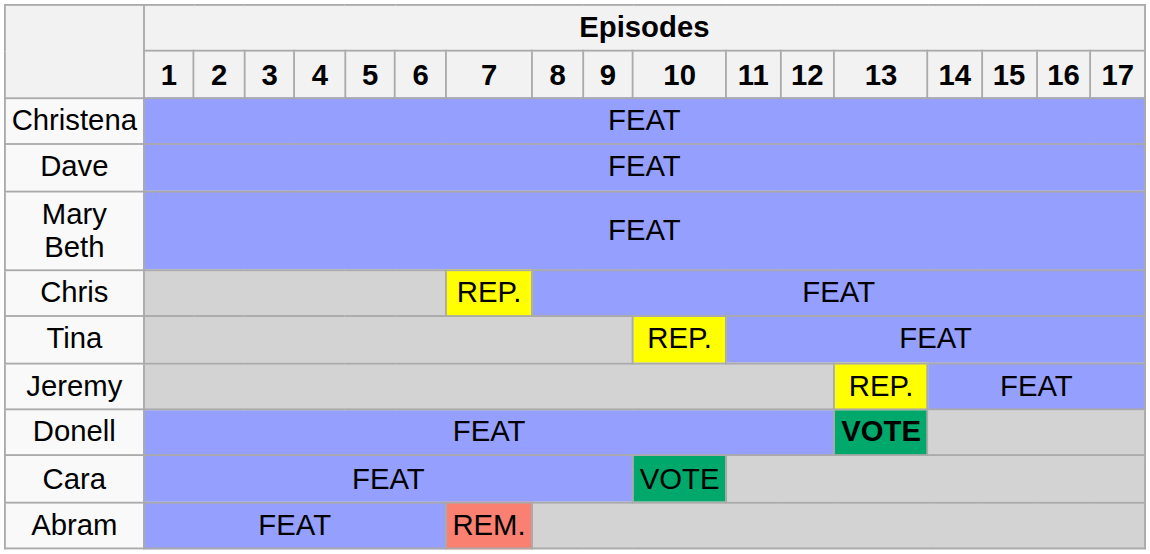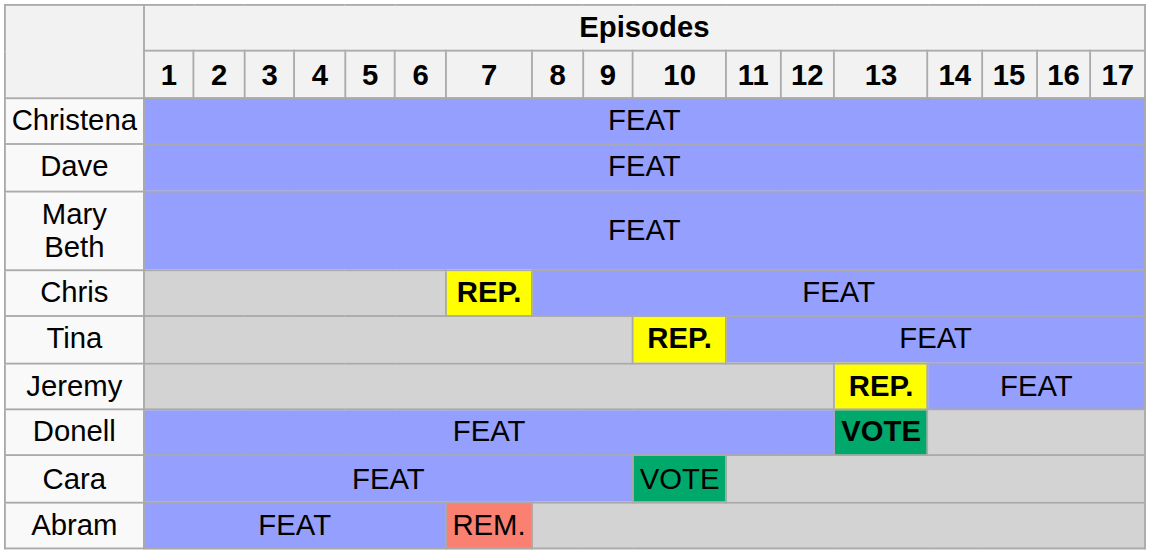 <table class="wikitable plainrowheaders" style="text-align:center; width:100%;">
 <tr>
 <th scope="col" rowspan="2" style="width:5%;"></th>
 <th scope="col" colspan="17">Episodes</th>
 </tr>
 <tr>
 <th scope="col" style="width:5%;">1</th>
 <th scope="col" style="width:5%;">2</th>
 <th scope="col" style="width:5%;">3</th>
 <th scope="col" style="width:5%;">4</th>
 <th scope="col" style="width:5%;">5</th>
 <th scope="col" style="width:5%;">6</th>
 <th scope="col" style="width:5%;">7</th>
 <th scope="col" style="width:5%;">8</th>
 <th scope="col" style="width:5%;">9</th>
 <th scope="col" style="width:5%;">10</th>
 <th scope="col" style="width:5%;">11</th>
 <th scope="col" style="width:5%;">12</th>
 <th scope="col" style="width:5%;">13</th>
 <th scope="col" style="width:5%;">14</th>
 <th scope="col" style="width:5%;">15</th>
 <th scope="col" style="width:5%;">16</th>
 <th scope="col" style="width:5%;">17</th>
 </tr>
 <tr>
 <td scope="row">Christena</td>
 <td style="background:#959FFD;" colspan="17">FEAT</td>
 </tr>
 <tr>
 <td scope="row">Dave</td>
 <td style="background:#959FFD;" colspan="17">FEAT</td>
 </tr>
 <tr>
 <td scope="row">Mary Beth</td>
 <td style="background:#959FFD;" colspan="17">FEAT</td>
 </tr>
 <tr>
 <td scope="row">Chris</td>
 <td style="background:lightgrey;" colspan="6"></td>
-<td style="background:#FFFF00;">REP.</td>
+<td style="background:#FFFF00;"><strong>REP.</strong></td>
 <td style="background:#959FFD;" colspan="10">FEAT</td>
 </tr>
 <tr>
 <td scope="row">Tina</td>
 <td style="background:lightgrey;" colspan="9"></td>
-<td style="background:#FFFF00;">REP.</td>
+<td style="background:#FFFF00;"><strong>REP.</strong></td>
 <td style="background:#959FFD;" colspan="7">FEAT</td>
 </tr>
 <tr>
 <td scope="row">Jeremy</td>
 <td style="background:lightgrey;" colspan="12"></td>
-<td style="background:#FFFF00;">REP.</td>
+<td style="background:#FFFF00;"><strong>REP.</strong></td>
 <td style="background:#959FFD;" colspan="7">FEAT</td>
 </tr>
 <tr>
 <td scope="row">Donell</td>
 <td style="background:#959FFD;" colspan="12">FEAT</td>
 <td style="background:#00A86B;"><strong>VOTE</strong></td>
 <td style="background:lightgrey;" colspan="7"></td>
 </tr>
 <tr>
 <td scope="row">Cara</td>
 <td style="background:#959FFD;" colspan="9">FEAT</td>
 <td style="background:#00A86B;">VOTE</td>
 <td style="background:lightgrey;" colspan="7"></td>
 </tr>
 <tr>
 <td scope="row">Abram</td>
 <td style="background:#959FFD;" colspan="6">FEAT</td>
 <td style="background:#FA8072;">REM.</td>
 <td style="background:lightgrey;" colspan="10"></td>
 </tr>
 </table>
